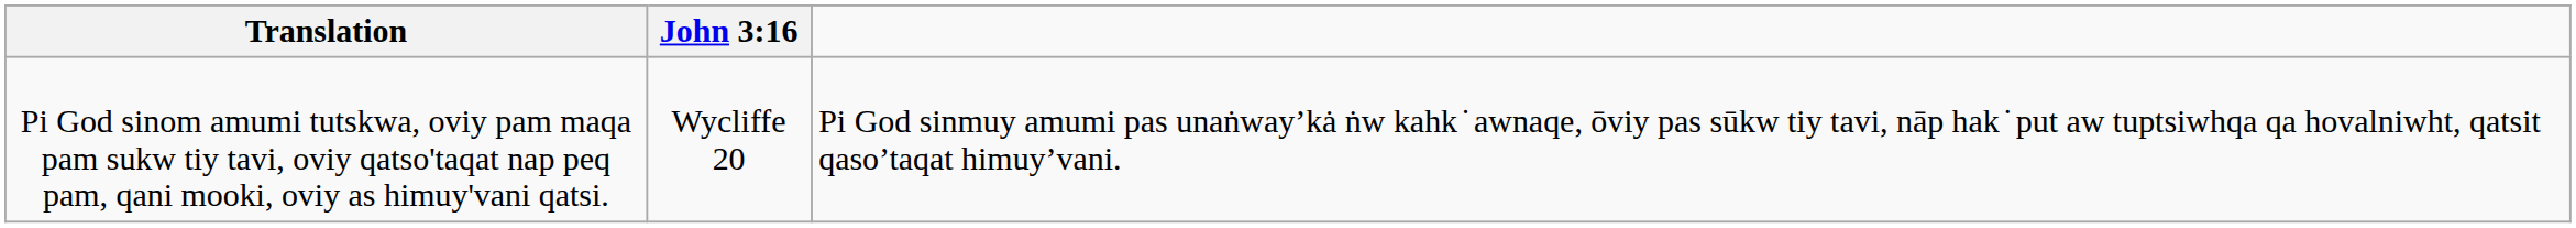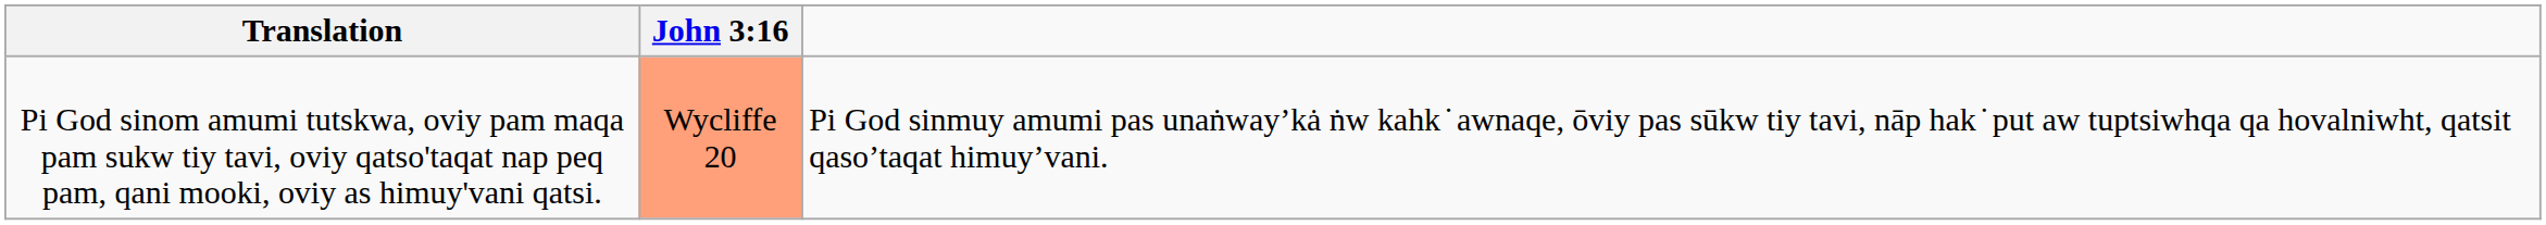 <table class="wikitable">
 <tr>
 <th align="center" width="25%">Translation</th>
 <th><a href='#'>John</a> 3:16</th>
 </tr>
 <tr>
 <td align="center"><br>Pi God sinom amumi tutskwa, oviy pam maqa pam sukw tiy tavi, oviy qatso'taqat nap peq pam, qani mooki, oviy as himuy'vani qatsi.</td>
-<td align="center">Wycliffe 20</td>
+<td align="center" style="background: lightsalmon;">Wycliffe 20</td>
 <td>Pi God sinmuy amumi pas unaṅway’kȧ ṅw kahk ̇ awnaqe, ōviy pas sūkw tiy tavi, nāp hak ̇ put aw tuptsiwhqa qa hovalniwht, qatsit qaso’taqat himuy’vani.</td>
 </tr>
 </table>
